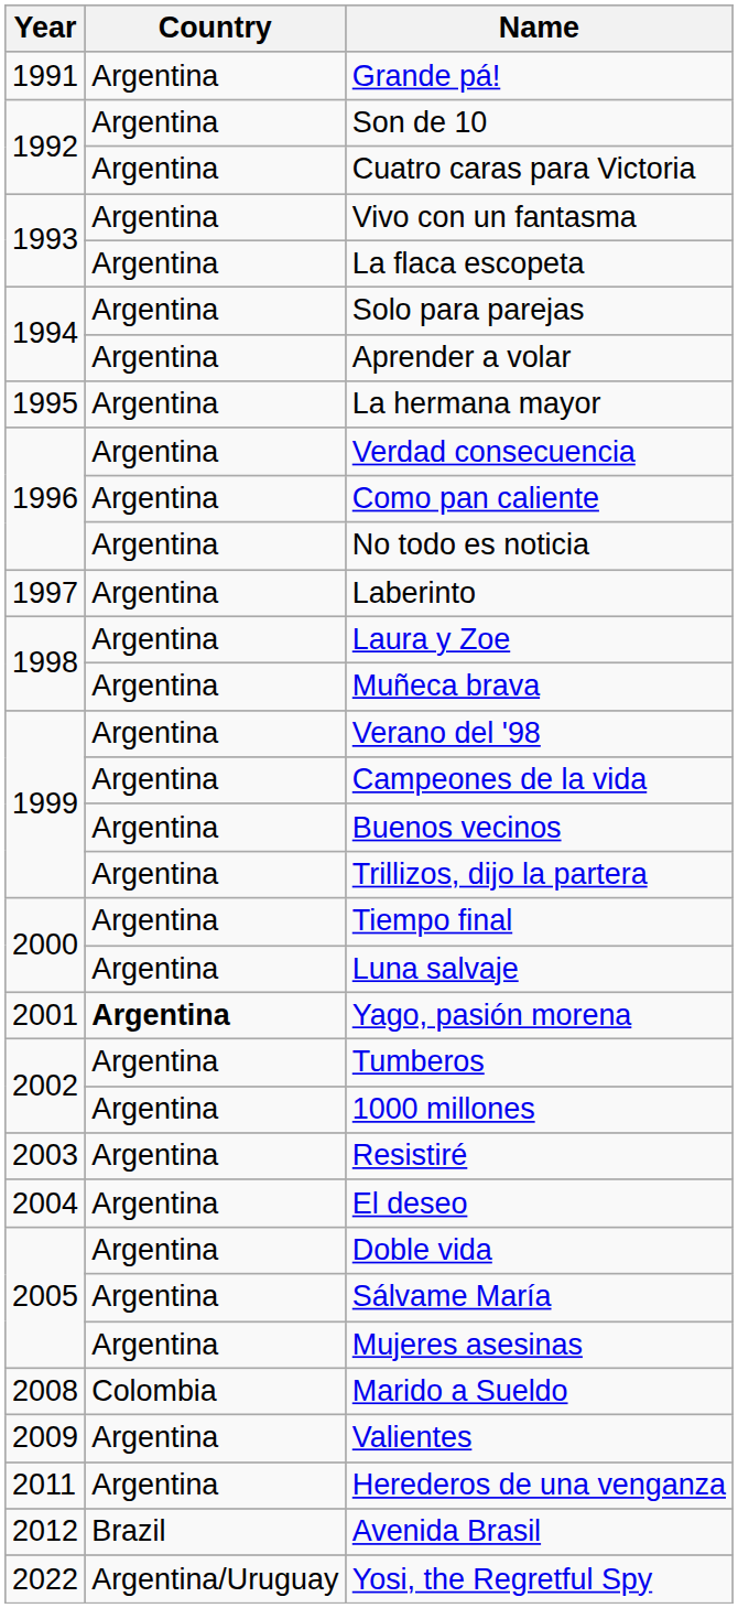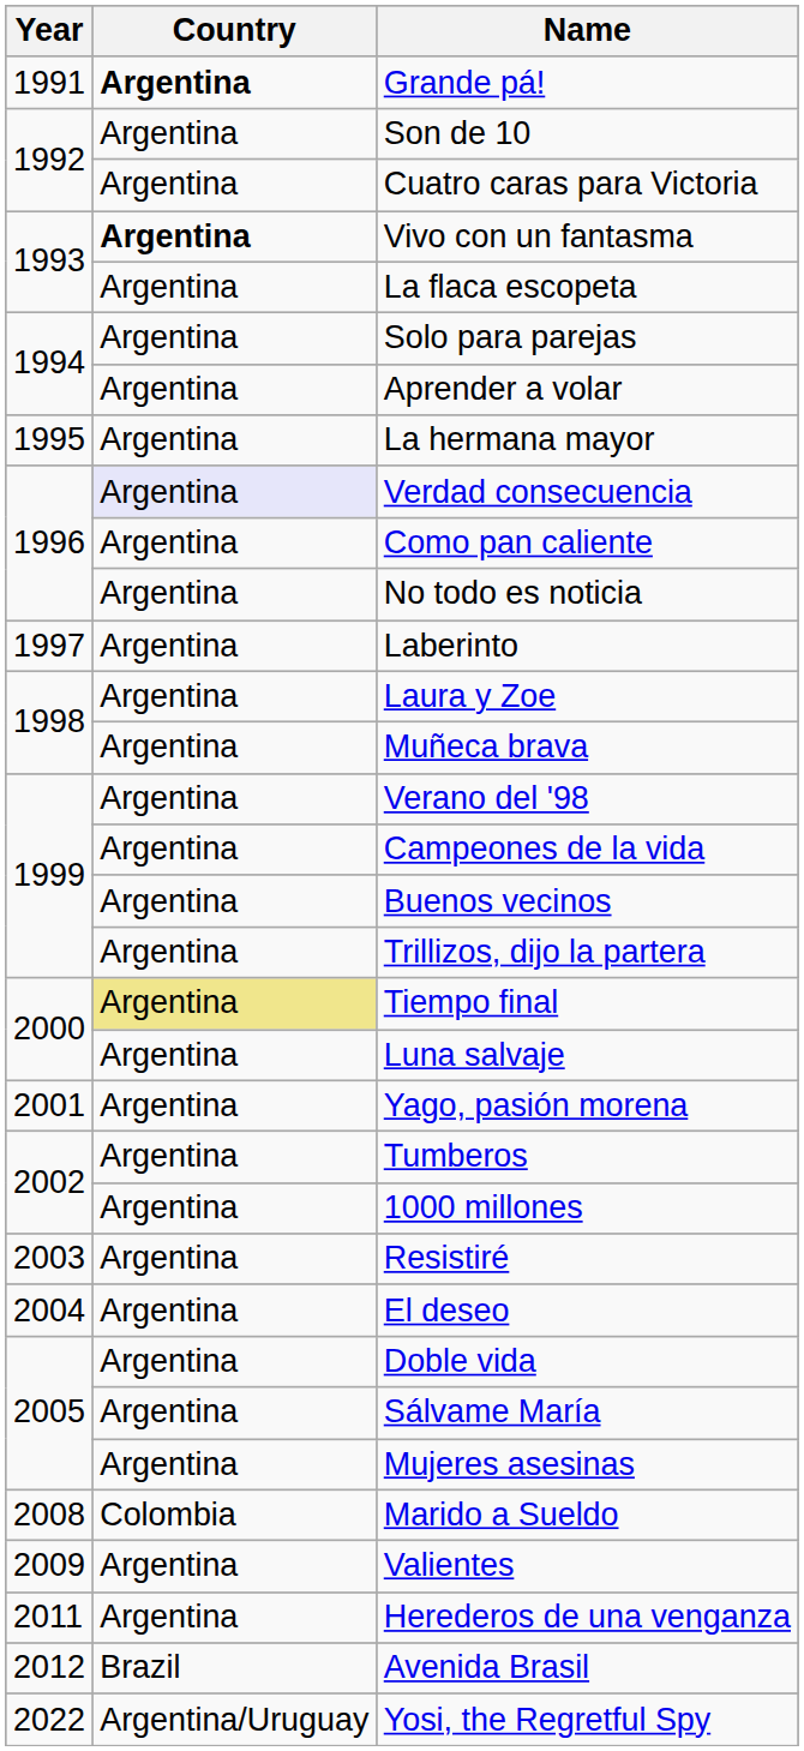 <table class="wikitable">
 <tr>
 <th>Year</th>
 <th>Country</th>
 <th>Name</th>
 </tr>
 <tr>
 <td>1991</td>
-<td>Argentina</td>
+<td><strong>Argentina</strong></td>
 <td><a href='#'>Grande pá!</a></td>
 </tr>
 <tr>
 <td rowspan="2">1992</td>
 <td>Argentina</td>
 <td>Son de 10</td>
 </tr>
 <tr>
 <td>Argentina</td>
 <td>Cuatro caras para Victoria</td>
 </tr>
 <tr>
 <td rowspan="2">1993</td>
-<td>Argentina</td>
+<td><strong>Argentina</strong></td>
 <td>Vivo con un fantasma</td>
 </tr>
 <tr>
 <td>Argentina</td>
 <td>La flaca escopeta</td>
 </tr>
 <tr>
 <td rowspan="2">1994</td>
 <td>Argentina</td>
 <td>Solo para parejas</td>
 </tr>
 <tr>
 <td>Argentina</td>
 <td>Aprender a volar</td>
 </tr>
 <tr>
 <td>1995</td>
 <td>Argentina</td>
 <td>La hermana mayor</td>
 </tr>
 <tr>
 <td rowspan="3">1996</td>
-<td>Argentina</td>
+<td style="background: lavender;">Argentina</td>
 <td><a href='#'>Verdad consecuencia</a></td>
 </tr>
 <tr>
 <td>Argentina</td>
 <td><a href='#'>Como pan caliente</a></td>
 </tr>
 <tr>
 <td>Argentina</td>
 <td>No todo es noticia</td>
 </tr>
 <tr>
 <td>1997</td>
 <td>Argentina</td>
 <td>Laberinto</td>
 </tr>
 <tr>
 <td rowspan="2">1998</td>
 <td>Argentina</td>
 <td><a href='#'>Laura y Zoe</a></td>
 </tr>
 <tr>
 <td>Argentina</td>
 <td><a href='#'>Muñeca brava</a></td>
 </tr>
 <tr>
 <td rowspan="4">1999</td>
 <td>Argentina</td>
 <td><a href='#'>Verano del '98</a></td>
 </tr>
 <tr>
 <td>Argentina</td>
 <td><a href='#'>Campeones de la vida</a></td>
 </tr>
 <tr>
 <td>Argentina</td>
 <td><a href='#'>Buenos vecinos</a></td>
 </tr>
 <tr>
 <td>Argentina</td>
 <td><a href='#'>Trillizos, dijo la partera</a></td>
 </tr>
 <tr>
 <td rowspan="2">2000</td>
-<td>Argentina</td>
+<td style="background: khaki;">Argentina</td>
 <td><a href='#'>Tiempo final</a></td>
 </tr>
 <tr>
 <td>Argentina</td>
 <td><a href='#'>Luna salvaje</a></td>
 </tr>
 <tr>
 <td>2001</td>
-<td><strong>Argentina</strong></td>
+<td>Argentina</td>
 <td><a href='#'>Yago, pasión morena</a></td>
 </tr>
 <tr>
 <td rowspan="2">2002</td>
 <td>Argentina</td>
 <td><a href='#'>Tumberos</a></td>
 </tr>
 <tr>
 <td>Argentina</td>
 <td><a href='#'>1000 millones</a></td>
 </tr>
 <tr>
 <td>2003</td>
 <td>Argentina</td>
 <td><a href='#'>Resistiré</a></td>
 </tr>
 <tr>
 <td>2004</td>
 <td>Argentina</td>
 <td><a href='#'>El deseo</a></td>
 </tr>
 <tr>
 <td rowspan="3">2005</td>
 <td>Argentina</td>
 <td><a href='#'>Doble vida</a></td>
 </tr>
 <tr>
 <td>Argentina</td>
 <td><a href='#'>Sálvame María</a></td>
 </tr>
 <tr>
 <td>Argentina</td>
 <td><a href='#'>Mujeres asesinas</a></td>
 </tr>
 <tr>
 <td>2008</td>
 <td>Colombia</td>
 <td><a href='#'>Marido a Sueldo</a></td>
 </tr>
 <tr>
 <td>2009</td>
 <td>Argentina</td>
 <td><a href='#'>Valientes</a></td>
 </tr>
 <tr>
 <td>2011</td>
 <td>Argentina</td>
 <td><a href='#'>Herederos de una venganza</a></td>
 </tr>
 <tr>
 <td>2012</td>
 <td>Brazil</td>
 <td><a href='#'>Avenida Brasil</a></td>
 </tr>
 <tr>
 <td>2022</td>
 <td>Argentina/Uruguay</td>
 <td><a href='#'>Yosi, the Regretful Spy</a></td>
 </tr>
 </table>
